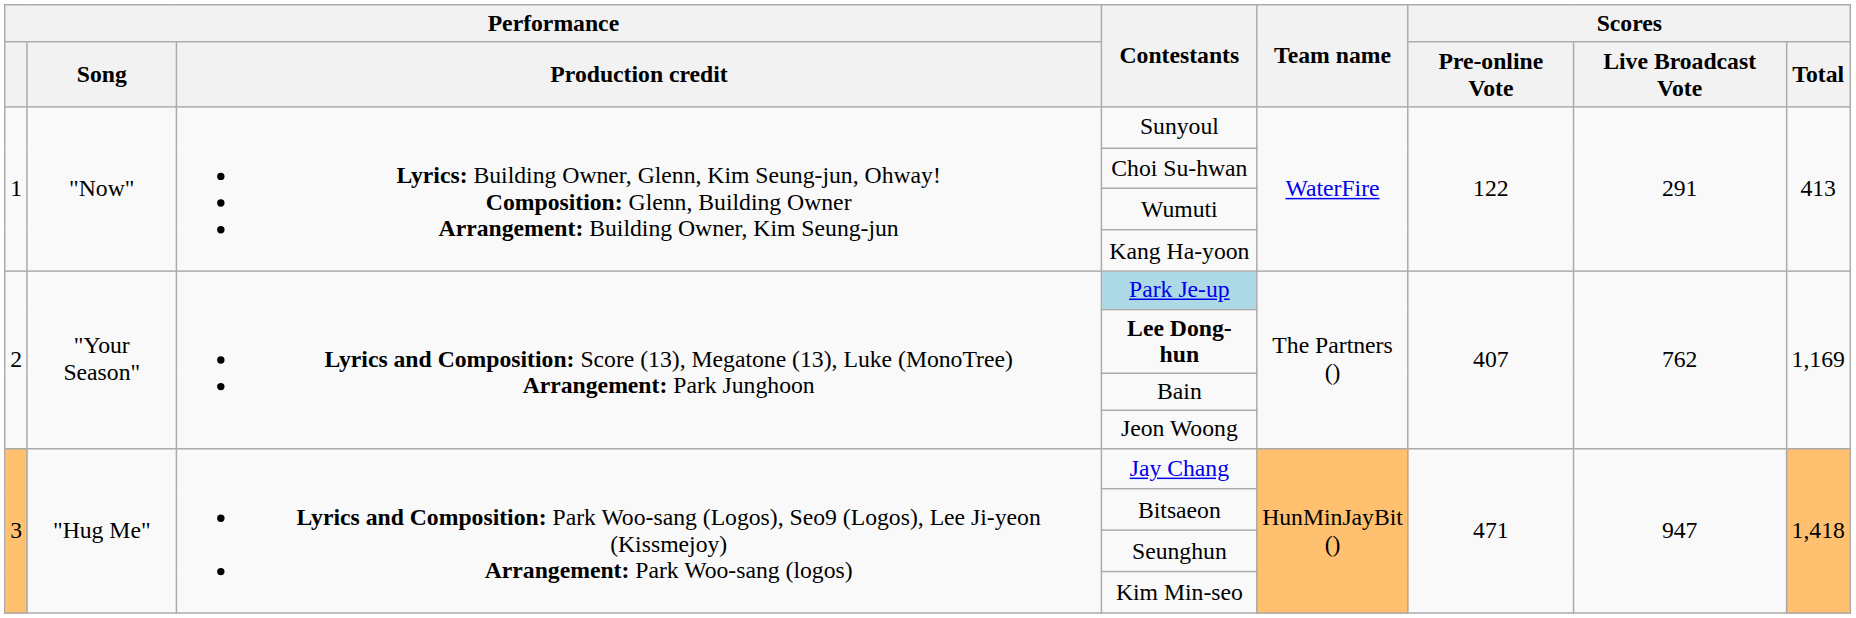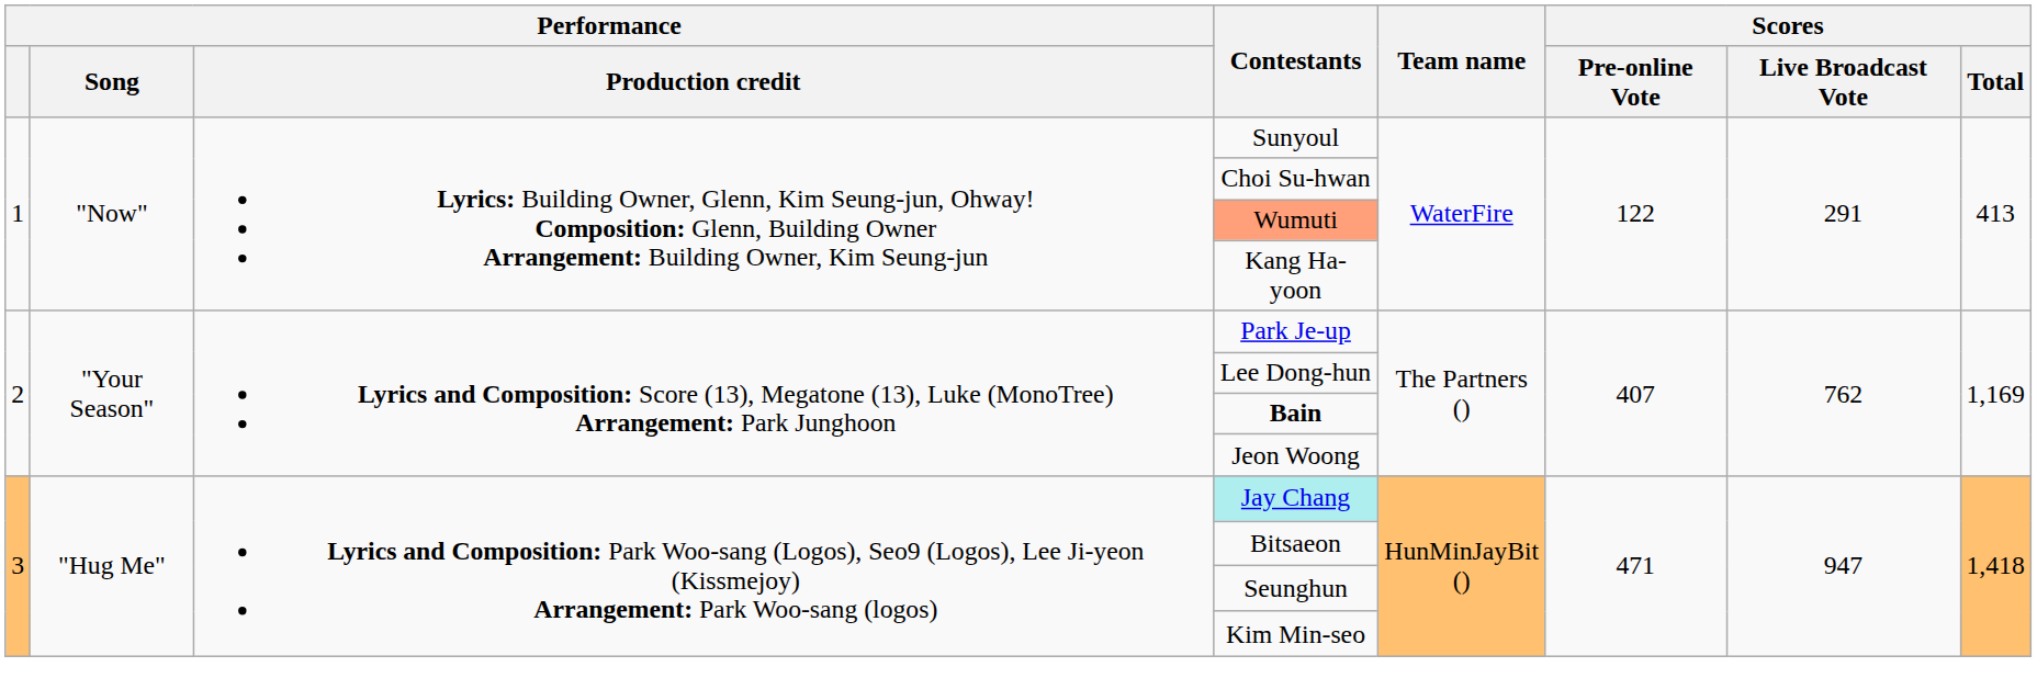 <table class="wikitable" style="text-align:center">
 <tr>
 <th colspan="3">Performance</th>
 <th rowspan="2">Contestants</th>
 <th rowspan="2">Team name</th>
 <th colspan="3">Scores</th>
 </tr>
 <tr>
 <th></th>
 <th>Song</th>
 <th>Production credit</th>
 <th>Pre-online Vote</th>
 <th>Live Broadcast Vote</th>
 <th>Total</th>
 </tr>
 <tr>
 <td rowspan="4">1</td>
 <td rowspan="4">"Now"<br></td>
 <td rowspan="4"><br><ul><li><strong>Lyrics:</strong> Building Owner, Glenn, Kim Seung-jun, Ohway!</li><li><strong>Composition:</strong> Glenn, Building Owner</li><li><strong>Arrangement:</strong> Building Owner, Kim Seung-jun</li></ul></td>
 <td>Sunyoul</td>
 <td rowspan="4"><a href='#'>WaterFire</a></td>
 <td rowspan="4">122</td>
 <td rowspan="4">291</td>
 <td rowspan="4">413</td>
 </tr>
 <tr>
 <td>Choi Su-hwan</td>
 </tr>
 <tr>
-<td>Wumuti</td>
+<td style="background: lightsalmon;">Wumuti</td>
 </tr>
 <tr>
 <td>Kang Ha-yoon</td>
 </tr>
 <tr>
 <td rowspan="4">2</td>
 <td rowspan="4">"Your Season"<br></td>
 <td rowspan="4"><br><ul><li><strong>Lyrics and Composition:</strong> Score (13), Megatone (13), Luke (MonoTree)</li><li><strong>Arrangement:</strong> Park Junghoon</li></ul></td>
-<td style="background: lightblue;"><a href='#'>Park Je-up</a></td>
+<td><a href='#'>Park Je-up</a></td>
 <td rowspan="4">The Partners<br>()</td>
 <td rowspan="4">407</td>
 <td rowspan="4">762</td>
 <td rowspan="4">1,169</td>
 </tr>
 <tr>
-<td><strong>Lee Dong-hun</strong></td>
+<td>Lee Dong-hun</td>
 </tr>
 <tr>
-<td>Bain</td>
+<td><strong>Bain</strong></td>
 </tr>
 <tr>
 <td>Jeon Woong</td>
 </tr>
 <tr>
 <td rowspan="4" style="background:#FFC06F">3</td>
 <td rowspan="4">"Hug Me"<br></td>
 <td rowspan="4"><br><ul><li><strong>Lyrics and Composition:</strong> Park Woo-sang (Logos), Seo9 (Logos), Lee Ji-yeon (Kissmejoy)</li><li><strong>Arrangement:</strong> Park Woo-sang (logos)</li></ul></td>
-<td><a href='#'>Jay Chang</a></td>
+<td style="background: paleturquoise;"><a href='#'>Jay Chang</a></td>
 <td rowspan="4" style="background:#FFC06F">HunMinJayBit<br>()</td>
 <td rowspan="4">471</td>
 <td rowspan="4">947</td>
 <td rowspan="4" style="background:#FFC06F">1,418</td>
 </tr>
 <tr>
 <td>Bitsaeon</td>
 </tr>
 <tr>
 <td>Seunghun</td>
 </tr>
 <tr>
 <td>Kim Min-seo</td>
 </tr>
 </table>
